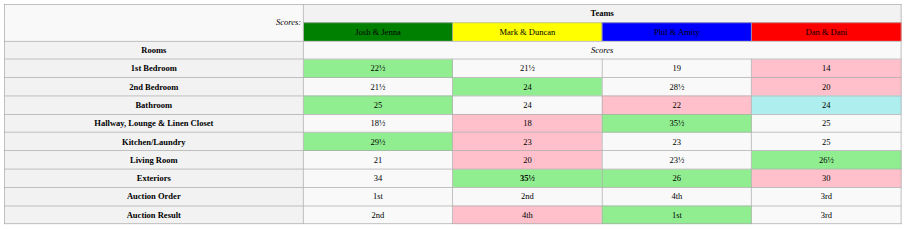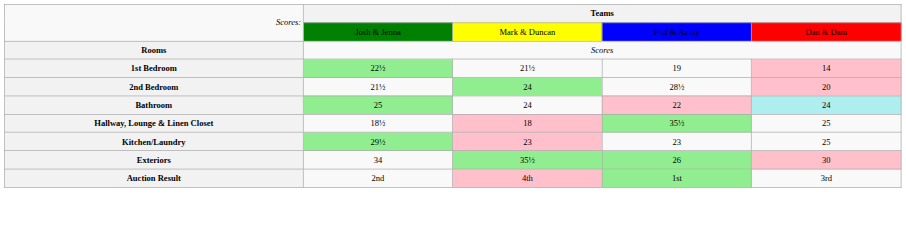 <table class="wikitable" style="text-align: center; font-size: 9pt; line-height:20px; width:100%">
 <tr>
 <td style="width:10%; text-align:right;" rowspan="2"><em>Scores:</em></td>
 <th colspan="4">Teams</th>
 </tr>
 <tr>
 <td style="width:5%;" bgcolor="green" style="color:white;">Josh & Jenna</td>
 <td style="width:5%;" bgcolor="yellow">Mark & Duncan</td>
 <td style="width:5%;" bgcolor="blue" style="color:white;">Phil & Amity</td>
 <td style="width:5%;" bgcolor="red" style="color:white;">Dan & Dani</td>
 </tr>
 <tr>
 <th>Rooms</th>
 <td colspan="4"><em>Scores</em></td>
 </tr>
 <tr>
 <th style="width:5%;">1st Bedroom</th>
 <td bgcolor="lightgreen">22½</td>
 <td>21½</td>
 <td>19</td>
 <td bgcolor="pink">14</td>
 </tr>
 <tr>
 <th style="width:5%;">2nd Bedroom</th>
 <td>21½</td>
 <td bgcolor="lightgreen">24</td>
 <td>28½</td>
 <td bgcolor="pink">20</td>
 </tr>
 <tr>
 <th style="width:5%;">Bathroom</th>
 <td bgcolor="lightgreen">25</td>
 <td>24</td>
 <td bgcolor="pink">22</td>
 <td style="background: paleturquoise;">24</td>
 </tr>
 <tr>
 <th style="width:5%;">Hallway, Lounge & Linen Closet</th>
 <td>18½</td>
 <td bgcolor="pink">18</td>
 <td bgcolor="lightgreen">35½</td>
 <td>25</td>
 </tr>
 <tr>
 <th style="width:5%;">Kitchen/Laundry</th>
 <td bgcolor="lightgreen">29½</td>
 <td bgcolor="pink">23</td>
 <td>23</td>
 <td>25</td>
 </tr>
 <tr>
-<th style="width:5%;">Living Room</th>
-<td>21</td>
-<td bgcolor="pink">20</td>
-<td>23½</td>
-<td bgcolor="lightgreen">26½</td>
-</tr>
-<tr>
 <th style="width:5%;">Exteriors</th>
 <td>34</td>
-<td bgcolor="lightgreen"><strong>35½</strong></td>
+<td bgcolor="lightgreen">35½</td>
 <td bgcolor="lightgreen">26</td>
 <td bgcolor="pink">30</td>
-</tr>
-<tr>
-<th style="width:5%;">Auction Order</th>
-<td>1st</td>
-<td>2nd</td>
-<td>4th</td>
-<td>3rd</td>
 </tr>
 <tr>
 <th style="width:5%;">Auction Result</th>
 <td>2nd</td>
 <td bgcolor="pink">4th</td>
 <td bgcolor="lightgreen">1st</td>
 <td>3rd</td>
 </tr>
 </table>
